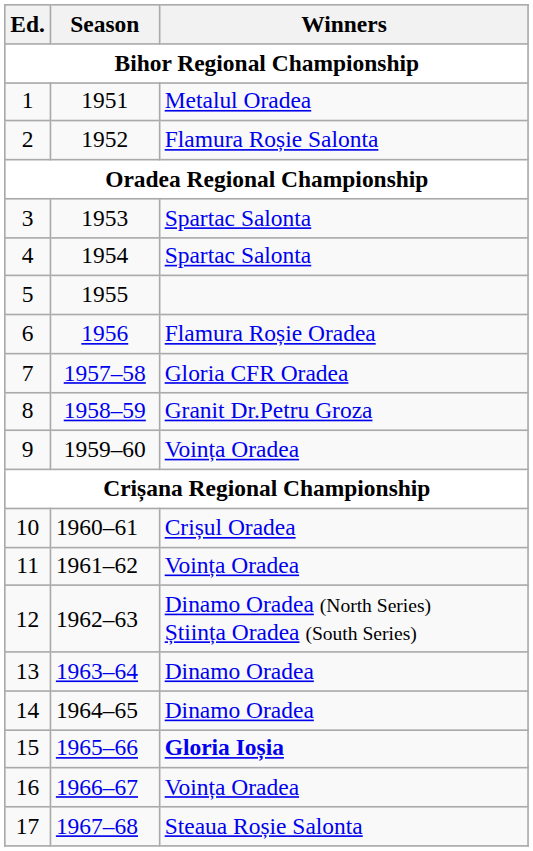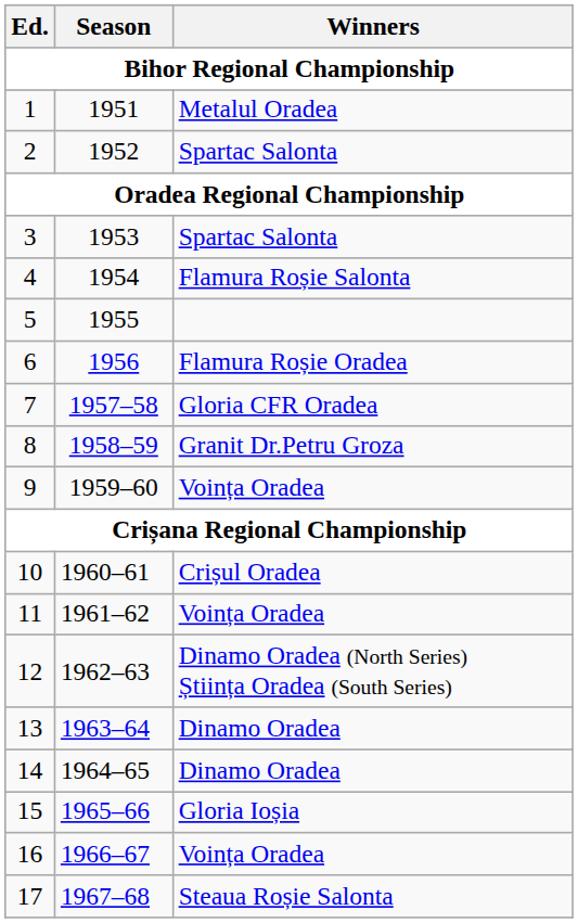 <table class="wikitable" style="font-size:90%">
 <tr>
 <th><abbr>Ed.</abbr></th>
 <th width="60">Season</th>
 <th width="220">Winners</th>
 </tr>
 <tr>
 <th colspan="3" style="background:#ffffff">Bihor Regional Championship</th>
 </tr>
 <tr>
 <td align=center>1</td>
 <td align=center>1951</td>
 <td><a href='#'>Metalul Oradea</a></td>
 </tr>
 <tr>
 <td align=center>2</td>
 <td align=center>1952</td>
-<td><a href='#'>Flamura Roșie Salonta</a></td>
+<td><a href='#'>Spartac Salonta</a></td>
 </tr>
 <tr>
 <th colspan="3" style="background:#ffffff">Oradea Regional Championship</th>
 </tr>
 <tr>
 <td align=center>3</td>
 <td align=center>1953</td>
 <td><a href='#'>Spartac Salonta</a></td>
 </tr>
 <tr>
 <td align=center>4</td>
 <td align=center>1954</td>
-<td><a href='#'>Spartac Salonta</a></td>
+<td><a href='#'>Flamura Roșie Salonta</a></td>
 </tr>
 <tr>
 <td align=center>5</td>
 <td align=center>1955</td>
 <td></td>
 </tr>
 <tr>
 <td align=center>6</td>
 <td align=center><a href='#'>1956</a></td>
 <td><a href='#'>Flamura Roșie Oradea</a></td>
 </tr>
 <tr>
 <td align=center>7</td>
 <td align=center><a href='#'>1957–58</a></td>
 <td><a href='#'>Gloria CFR Oradea</a></td>
 </tr>
 <tr>
 <td align=center>8</td>
 <td align=center><a href='#'>1958–59</a></td>
 <td><a href='#'>Granit Dr.Petru Groza</a></td>
 </tr>
 <tr>
 <td align=center>9</td>
 <td align=center>1959–60</td>
 <td><a href='#'>Voința Oradea</a></td>
 </tr>
 <tr>
 <th colspan="3" style="background:#ffffff">Crișana Regional Championship</th>
 </tr>
 <tr>
 <td align=center>10</td>
 <td>1960–61</td>
 <td><a href='#'>Crișul Oradea</a></td>
 </tr>
 <tr>
 <td align=center>11</td>
 <td>1961–62</td>
 <td><a href='#'>Voința Oradea</a></td>
 </tr>
 <tr>
 <td align=center>12</td>
 <td>1962–63</td>
 <td><a href='#'>Dinamo Oradea</a> <small>(North Series)</small> <br><a href='#'>Știința Oradea</a> <small>(South Series)</small></td>
 </tr>
 <tr>
 <td align=center>13</td>
 <td><a href='#'>1963–64</a></td>
 <td><a href='#'>Dinamo Oradea</a></td>
 </tr>
 <tr>
 <td align=center>14</td>
 <td>1964–65</td>
 <td><a href='#'>Dinamo Oradea</a></td>
 </tr>
 <tr>
 <td align=center>15</td>
 <td><a href='#'>1965–66</a></td>
-<td><strong><a href='#'>Gloria Ioșia</a></strong></td>
+<td><a href='#'>Gloria Ioșia</a></td>
 </tr>
 <tr>
 <td align=center>16</td>
 <td><a href='#'>1966–67</a></td>
 <td><a href='#'>Voința Oradea</a></td>
 </tr>
 <tr>
 <td align=center>17</td>
 <td><a href='#'>1967–68</a></td>
 <td><a href='#'>Steaua Roșie Salonta</a></td>
 </tr>
 </table>
